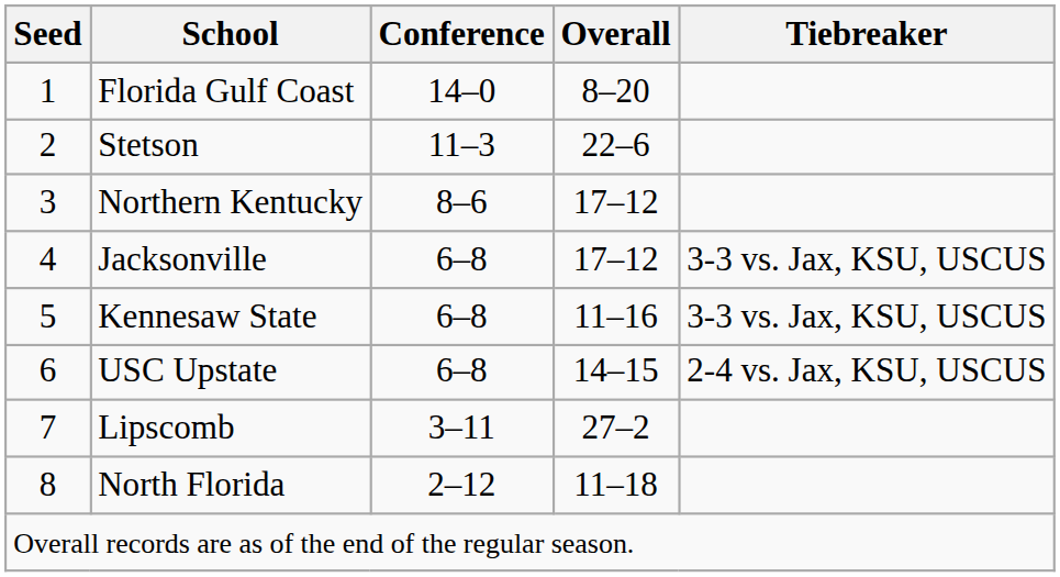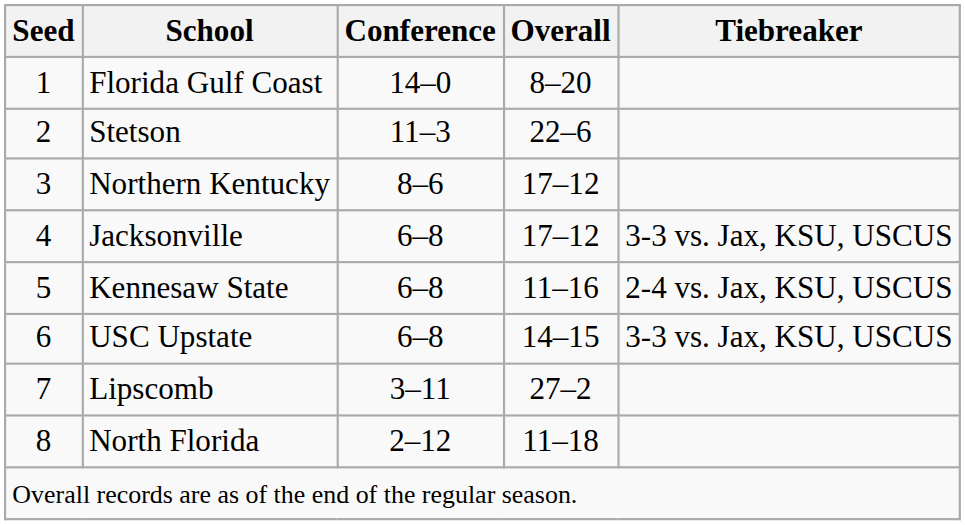 <table class="wikitable" style="white-space:nowrap; font-size:90%;">
 <tr>
 <th>Seed</th>
 <th>School</th>
 <th>Conference</th>
 <th>Overall</th>
 <th>Tiebreaker</th>
 </tr>
 <tr>
 <td align=center>1</td>
 <td>Florida Gulf Coast</td>
 <td align=center>14–0</td>
 <td align=center>8–20</td>
 <td></td>
 </tr>
 <tr>
 <td align=center>2</td>
 <td>Stetson</td>
 <td align=center>11–3</td>
 <td align=center>22–6</td>
 <td></td>
 </tr>
 <tr>
 <td align=center>3</td>
 <td>Northern Kentucky</td>
 <td align=center>8–6</td>
 <td align=center>17–12</td>
 <td></td>
 </tr>
 <tr>
 <td align=center>4</td>
 <td>Jacksonville</td>
 <td align=center>6–8</td>
 <td align=center>17–12</td>
 <td>3-3 vs. Jax, KSU, USCUS</td>
 </tr>
 <tr>
 <td align=center>5</td>
 <td>Kennesaw State</td>
 <td align=center>6–8</td>
 <td align=center>11–16</td>
-<td>3-3 vs. Jax, KSU, USCUS</td>
+<td>2-4 vs. Jax, KSU, USCUS</td>
 </tr>
 <tr>
 <td align=center>6</td>
 <td>USC Upstate</td>
 <td align=center>6–8</td>
 <td align=center>14–15</td>
-<td>2-4 vs. Jax, KSU, USCUS</td>
+<td>3-3 vs. Jax, KSU, USCUS</td>
 </tr>
 <tr>
 <td align=center>7</td>
 <td>Lipscomb</td>
 <td align=center>3–11</td>
 <td align=center>27–2</td>
 <td></td>
 </tr>
 <tr>
 <td align=center>8</td>
 <td>North Florida</td>
 <td align=center>2–12</td>
 <td align=center>11–18</td>
 <td></td>
 </tr>
 <tr>
 <td colspan=5 align=left><small>Overall records are as of the end of the regular season.</small></td>
 </tr>
 </table>
